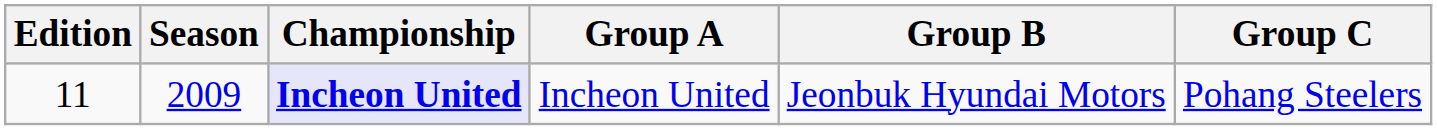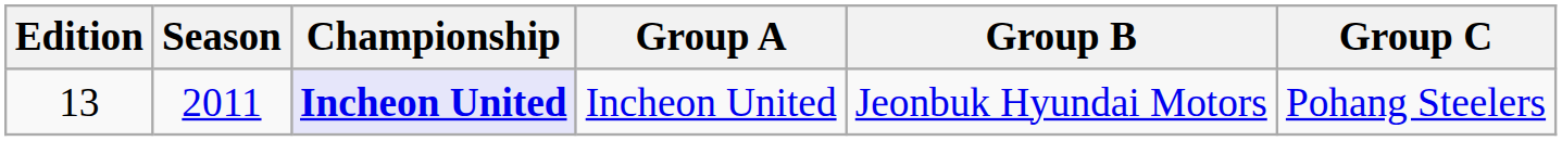 <table class="wikitable">
 <tr>
 <th>Edition</th>
 <th>Season</th>
 <th>Championship</th>
 <th>Group A</th>
 <th>Group B</th>
 <th>Group C</th>
 </tr>
 <tr>
-<td align="center">11</td>
-<td align="center"><a href='#'>2009</a></td>
+<td align="center">13</td>
+<td align="center"><a href='#'>2011</a></td>
 <td style="background: lavender;"><strong><a href='#'>Incheon United</a></strong></td>
 <td><a href='#'>Incheon United</a></td>
 <td><a href='#'>Jeonbuk Hyundai Motors</a></td>
 <td><a href='#'>Pohang Steelers</a></td>
 </tr>
 </table>
